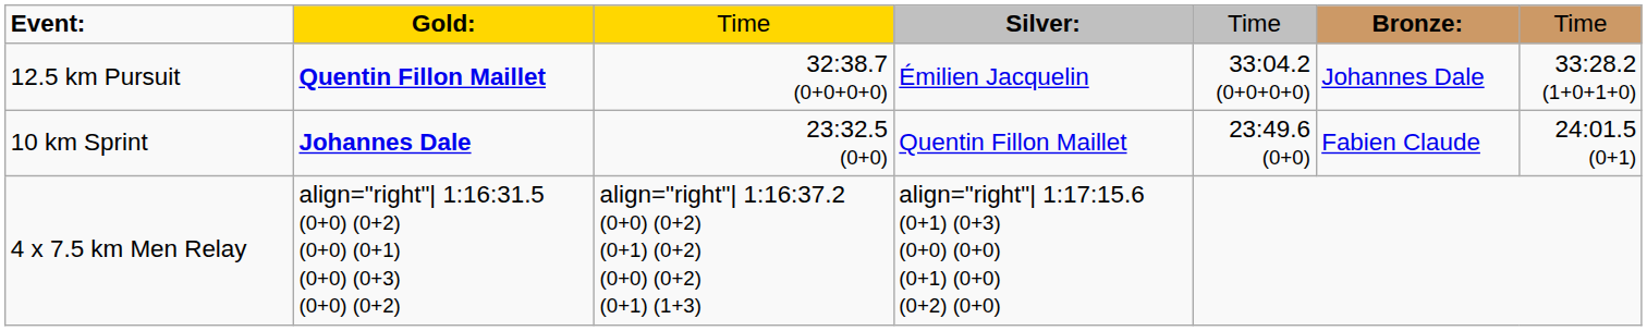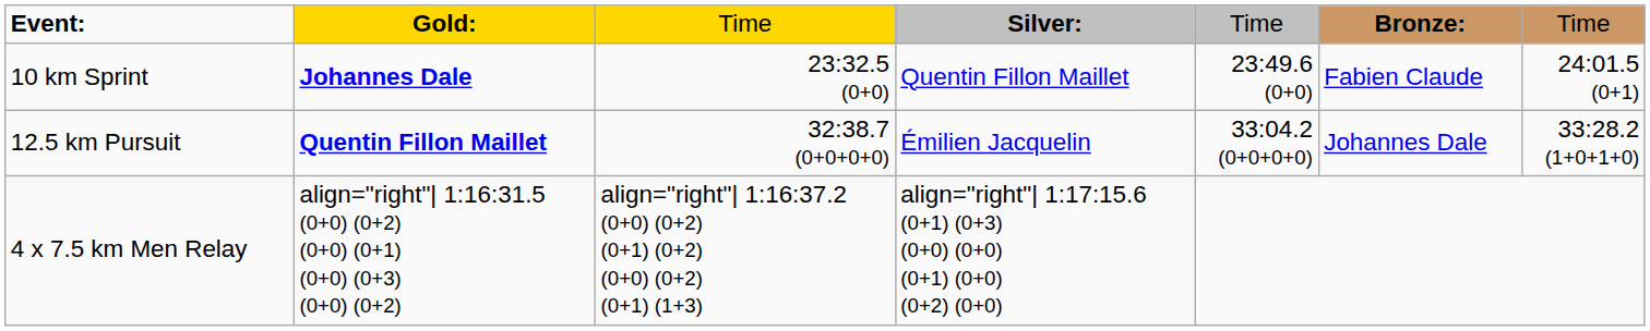 <table class="wikitable" width=85%>
 <tr>
 <td><strong>Event:</strong></td>
 <td style="text-align:center;background-color:gold;"><strong>Gold:</strong></td>
 <td style="text-align:center;background-color:gold;">Time</td>
 <td style="text-align:center;background-color:silver;"><strong>Silver:</strong></td>
 <td style="text-align:center;background-color:silver;">Time</td>
 <td style="text-align:center;background-color:#CC9966;"><strong>Bronze:</strong></td>
 <td style="text-align:center;background-color:#CC9966;">Time</td>
 </tr>
 <tr>
+<td>10 km Sprint<br></td>
+<td><strong><a href='#'>Johannes Dale</a></strong><br><small></small></td>
+<td align="right">23:32.5<br><small>(0+0)</small></td>
+<td><a href='#'>Quentin Fillon Maillet</a><br><small></small></td>
+<td align="right">23:49.6<br><small>(0+0)</small></td>
+<td><a href='#'>Fabien Claude</a><br><small></small></td>
+<td align="right">24:01.5<br><small>(0+1)</small></td>
+</tr>
+<tr>
 <td>12.5 km Pursuit<br></td>
 <td><strong><a href='#'>Quentin Fillon Maillet</a></strong><br><small></small></td>
 <td align="right">32:38.7<br><small>(0+0+0+0)</small></td>
 <td><a href='#'>Émilien Jacquelin</a><br><small></small></td>
 <td align="right">33:04.2<br><small>(0+0+0+0)</small></td>
 <td><a href='#'>Johannes Dale</a><br><small></small></td>
 <td align="right">33:28.2<br><small>(1+0+1+0)</small></td>
 </tr>
 <tr>
-<td>10 km Sprint<br></td>
-<td><strong><a href='#'>Johannes Dale</a></strong><br><small></small></td>
-<td align="right">23:32.5<br><small>(0+0)</small></td>
-<td><a href='#'>Quentin Fillon Maillet</a><br><small></small></td>
-<td align="right">23:49.6<br><small>(0+0)</small></td>
-<td><a href='#'>Fabien Claude</a><br><small></small></td>
-<td align="right">24:01.5<br><small>(0+1)</small></td>
-</tr>
-<tr>
 <td>4 x 7.5 km Men Relay<br></td>
 <td>align="right"| 1:16:31.5<small><br>(0+0) (0+2)<br>(0+0) (0+1)<br>(0+0) (0+3)<br>(0+0) (0+2)</small></td>
 <td>align="right"| 1:16:37.2<small><br>(0+0) (0+2)<br>(0+1) (0+2)<br>(0+0) (0+2)<br>(0+1) (1+3)</small></td>
 <td>align="right"| 1:17:15.6<small><br>(0+1) (0+3)<br>(0+0) (0+0)<br>(0+1) (0+0)<br>(0+2) (0+0)</small></td>
 </tr>
 </table>
